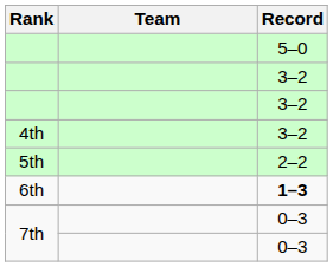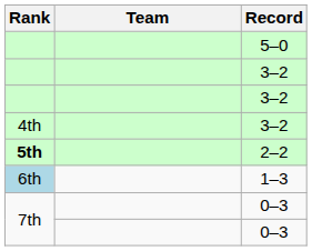 <table class=wikitable style="text-align:center;">
 <tr>
 <th>Rank</th>
 <th width=170>Team</th>
 <th>Record</th>
 </tr>
 <tr bgcolor="#ccffcc">
 <td></td>
 <td align=left></td>
 <td>5–0</td>
 </tr>
 <tr bgcolor="#ccffcc">
 <td></td>
 <td align=left></td>
 <td>3–2</td>
 </tr>
 <tr bgcolor="#ccffcc">
 <td></td>
 <td align=left></td>
 <td>3–2</td>
 </tr>
 <tr bgcolor="#ccffcc">
 <td>4th</td>
 <td align=left></td>
 <td>3–2</td>
 </tr>
 <tr bgcolor="#ccffcc">
-<td>5th</td>
+<td><strong>5th</strong></td>
 <td align=left></td>
 <td>2–2</td>
 </tr>
 <tr>
-<td>6th</td>
+<td style="background: lightblue;">6th</td>
 <td align=left></td>
-<td><strong>1–3</strong></td>
+<td>1–3</td>
 </tr>
 <tr>
 <td rowspan="2">7th</td>
 <td align=left></td>
 <td>0–3</td>
 </tr>
 <tr>
 <td align=left></td>
 <td>0–3</td>
 </tr>
 </table>
